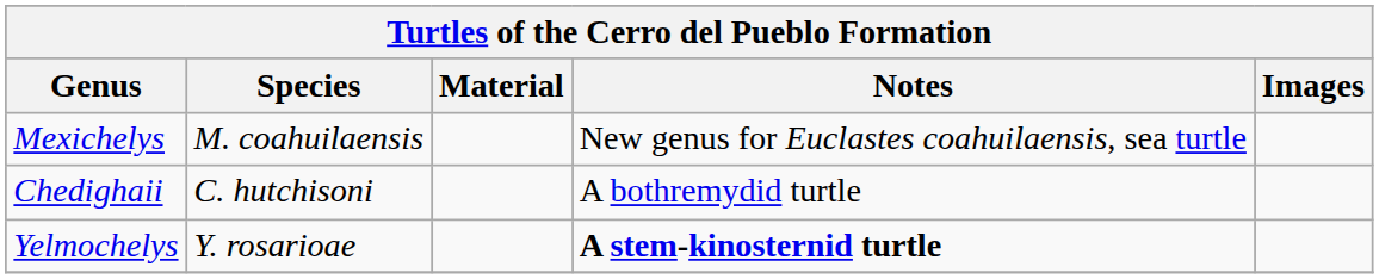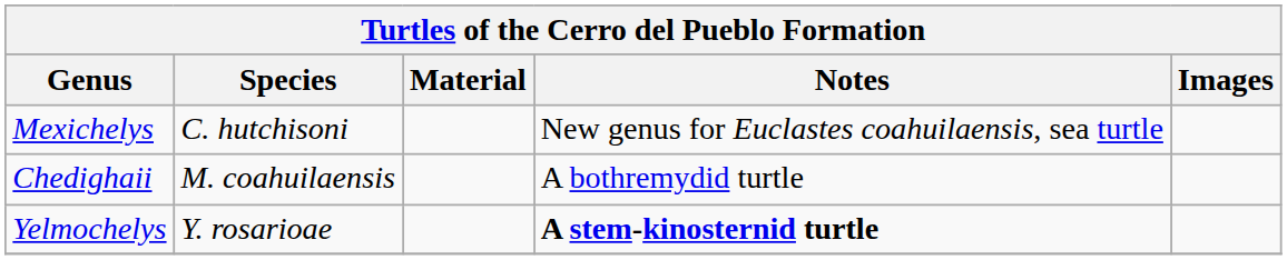 <table class="wikitable" align="center">
 <tr>
 <th colspan="7" align="center"><strong><a href='#'>Turtles</a> of the Cerro del Pueblo Formation</strong></th>
 </tr>
 <tr>
 <th>Genus</th>
 <th><strong>Species</strong></th>
 <th><strong>Material</strong></th>
 <th>Notes</th>
 <th>Images</th>
 </tr>
 <tr>
 <td><em><a href='#'>Mexichelys</a></em></td>
-<td><em>M. coahuilaensis</em></td>
+<td><em>C. hutchisoni</em></td>
 <td></td>
 <td>New genus for <em>Euclastes coahuilaensis</em>, sea <a href='#'>turtle</a></td>
 <td></td>
 </tr>
 <tr>
 <td><em><a href='#'>Chedighaii</a></em></td>
-<td><em>C. hutchisoni</em></td>
+<td><em>M. coahuilaensis</em></td>
 <td></td>
 <td>A <a href='#'>bothremydid</a> turtle</td>
 <td></td>
 </tr>
 <tr>
 <td><em><a href='#'>Yelmochelys</a></em></td>
 <td><em>Y. rosarioae</em></td>
 <td></td>
 <td><strong>A <a href='#'>stem</a>-<a href='#'>kinosternid</a> turtle</strong></td>
 <td></td>
 </tr>
 <tr>
 </tr>
 </table>
